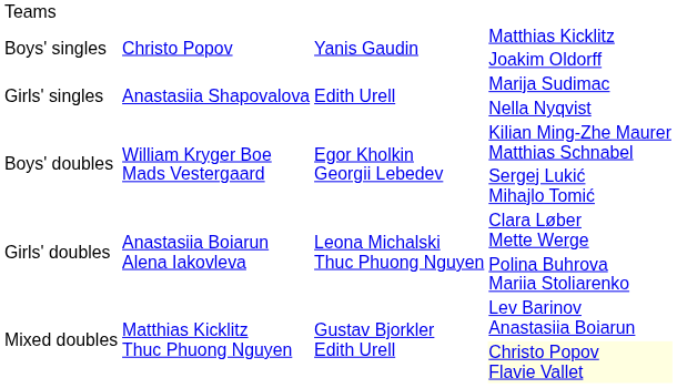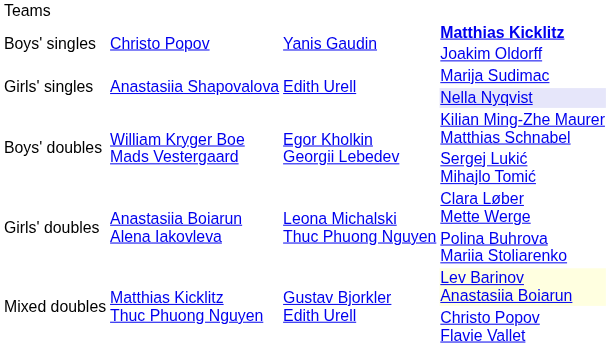 <table>
 <tr>
 <td rowspan=2>Teams</td>
 <td rowspan=2></td>
 <td rowspan=2></td>
 <td></td>
 </tr>
 <tr>
 <td></td>
 </tr>
 <tr>
 <td rowspan=2>Boys' singles<br></td>
 <td rowspan=2> <a href='#'>Christo Popov</a></td>
 <td rowspan=2> <a href='#'>Yanis Gaudin</a></td>
-<td> <a href='#'>Matthias Kicklitz</a></td>
+<td><strong> <a href='#'>Matthias Kicklitz</a></strong></td>
 </tr>
 <tr>
 <td> <a href='#'>Joakim Oldorff</a></td>
 </tr>
 <tr>
 <td rowspan=2>Girls' singles<br></td>
 <td rowspan=2> <a href='#'>Anastasiia Shapovalova</a></td>
 <td rowspan=2> <a href='#'>Edith Urell</a></td>
 <td> <a href='#'>Marija Sudimac</a></td>
 </tr>
 <tr>
-<td> <a href='#'>Nella Nyqvist</a></td>
+<td style="background: lavender;"> <a href='#'>Nella Nyqvist</a></td>
 </tr>
 <tr>
 <td rowspan=2>Boys' doubles<br></td>
 <td rowspan=2> <a href='#'>William Kryger Boe</a><br> <a href='#'>Mads Vestergaard</a></td>
 <td rowspan=2> <a href='#'>Egor Kholkin</a> <br> <a href='#'>Georgii Lebedev</a></td>
 <td> <a href='#'>Kilian Ming-Zhe Maurer</a><br> <a href='#'>Matthias Schnabel</a></td>
 </tr>
 <tr>
 <td> <a href='#'>Sergej Lukić</a><br> <a href='#'>Mihajlo Tomić</a></td>
 </tr>
 <tr>
 <td rowspan=2>Girls' doubles<br></td>
 <td rowspan=2> <a href='#'>Anastasiia Boiarun</a> <br> <a href='#'>Alena Iakovleva</a></td>
 <td rowspan=2> <a href='#'>Leona Michalski</a> <br> <a href='#'>Thuc Phuong Nguyen</a></td>
 <td> <a href='#'>Clara Løber</a> <br> <a href='#'>Mette Werge</a></td>
 </tr>
 <tr>
 <td> <a href='#'>Polina Buhrova</a><br> <a href='#'>Mariia Stoliarenko</a></td>
 </tr>
 <tr>
 <td rowspan=2>Mixed doubles<br></td>
 <td rowspan=2> <a href='#'>Matthias Kicklitz</a> <br> <a href='#'>Thuc Phuong Nguyen</a></td>
 <td rowspan=2> <a href='#'>Gustav Bjorkler</a> <br> <a href='#'>Edith Urell</a></td>
-<td> <a href='#'>Lev Barinov</a><br> <a href='#'>Anastasiia Boiarun</a></td>
+<td style="background: lightyellow;"> <a href='#'>Lev Barinov</a><br> <a href='#'>Anastasiia Boiarun</a></td>
 </tr>
 <tr>
-<td style="background: lightyellow;"> <a href='#'>Christo Popov</a><br> <a href='#'>Flavie Vallet</a></td>
+<td> <a href='#'>Christo Popov</a><br> <a href='#'>Flavie Vallet</a></td>
 </tr>
 </table>
